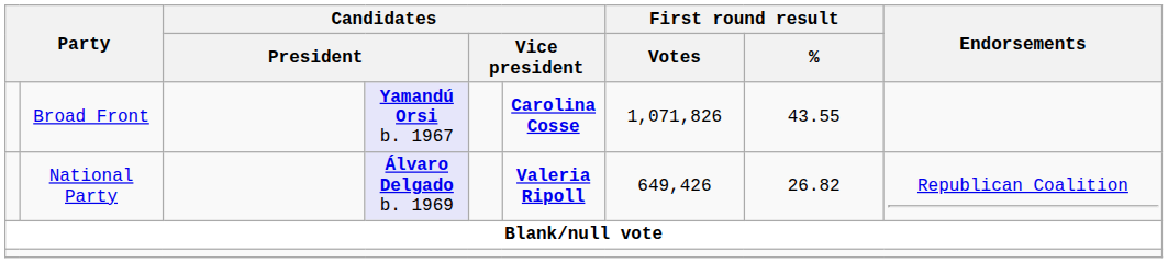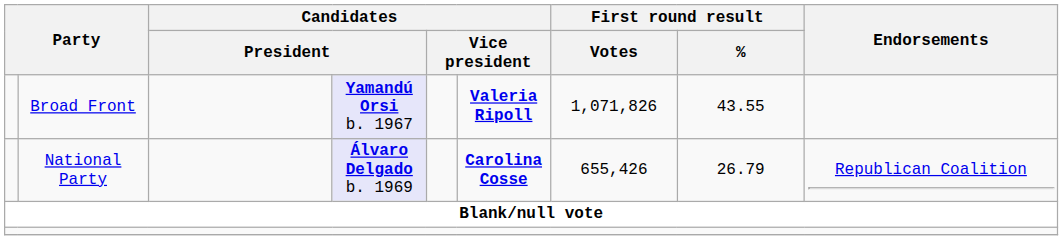 <table class="wikitable" style="text-align:center; width:795;">
 <tr>
 <th colspan="2" rowspan="2" style="width:110px;">Party</th>
 <th colspan="4" rowspan="1" style="width:310px;">Candidates</th>
 <th colspan="2" rowspan="1" style="width:200px;">First round result</th>
 <th colspan="1" rowspan="2" style="width:200px;">Endorsements</th>
 </tr>
 <tr>
 <th colspan="2" style="width:190px;">President</th>
 <th colspan="2" style="width:90px;">Vice president</th>
 <th colspan="1" style="width:90px;">Votes</th>
 <th colspan="1" style="width:90px;">%</th>
 </tr>
 <tr>
 <td style="background:"></td>
 <td> <a href='#'>Broad Front</a></td>
 <td></td>
 <td style="background:lavender;" data-sort-value="Yamandú Orsi"><strong><a href='#'>Yamandú Orsi</a></strong><br>b. 1967 </td>
 <td></td>
-<td><strong><a href='#'>Carolina Cosse</a></strong></td>
+<td style="width:70px;"><strong><a href='#'>Valeria Ripoll</a></strong><br></td>
 <td>1,071,826</td>
 <td>43.55</td>
 <td><br><br></td>
 </tr>
 <tr>
 <td style="background:"></td>
 <td style="width:100px;"> <a href='#'>National Party</a></td>
 <td></td>
 <td style="background:lavender; width:70px;" data-sort-value="Álvaro Delgado Ceretta"><strong><a href='#'>Álvaro Delgado</a></strong><br>b. 1969 </td>
 <td></td>
-<td style="width:70px;"><strong><a href='#'>Valeria Ripoll</a></strong><br></td>
-<td>649,426</td>
-<td>26.82</td>
+<td><strong><a href='#'>Carolina Cosse</a></strong></td>
+<td>655,426</td>
+<td>26.79</td>
 <td><br><a href='#'>Republican Coalition</a><hr></td>
 </tr>
 <tr>
 <td colspan="9" style="background:#FFFFFF; width:850px;"><strong>Blank/null vote</strong></td>
 </tr>
 <tr>
 <td colspan="9" style="text-align:left"></td>
 </tr>
 <tr>
 </tr>
 </table>
